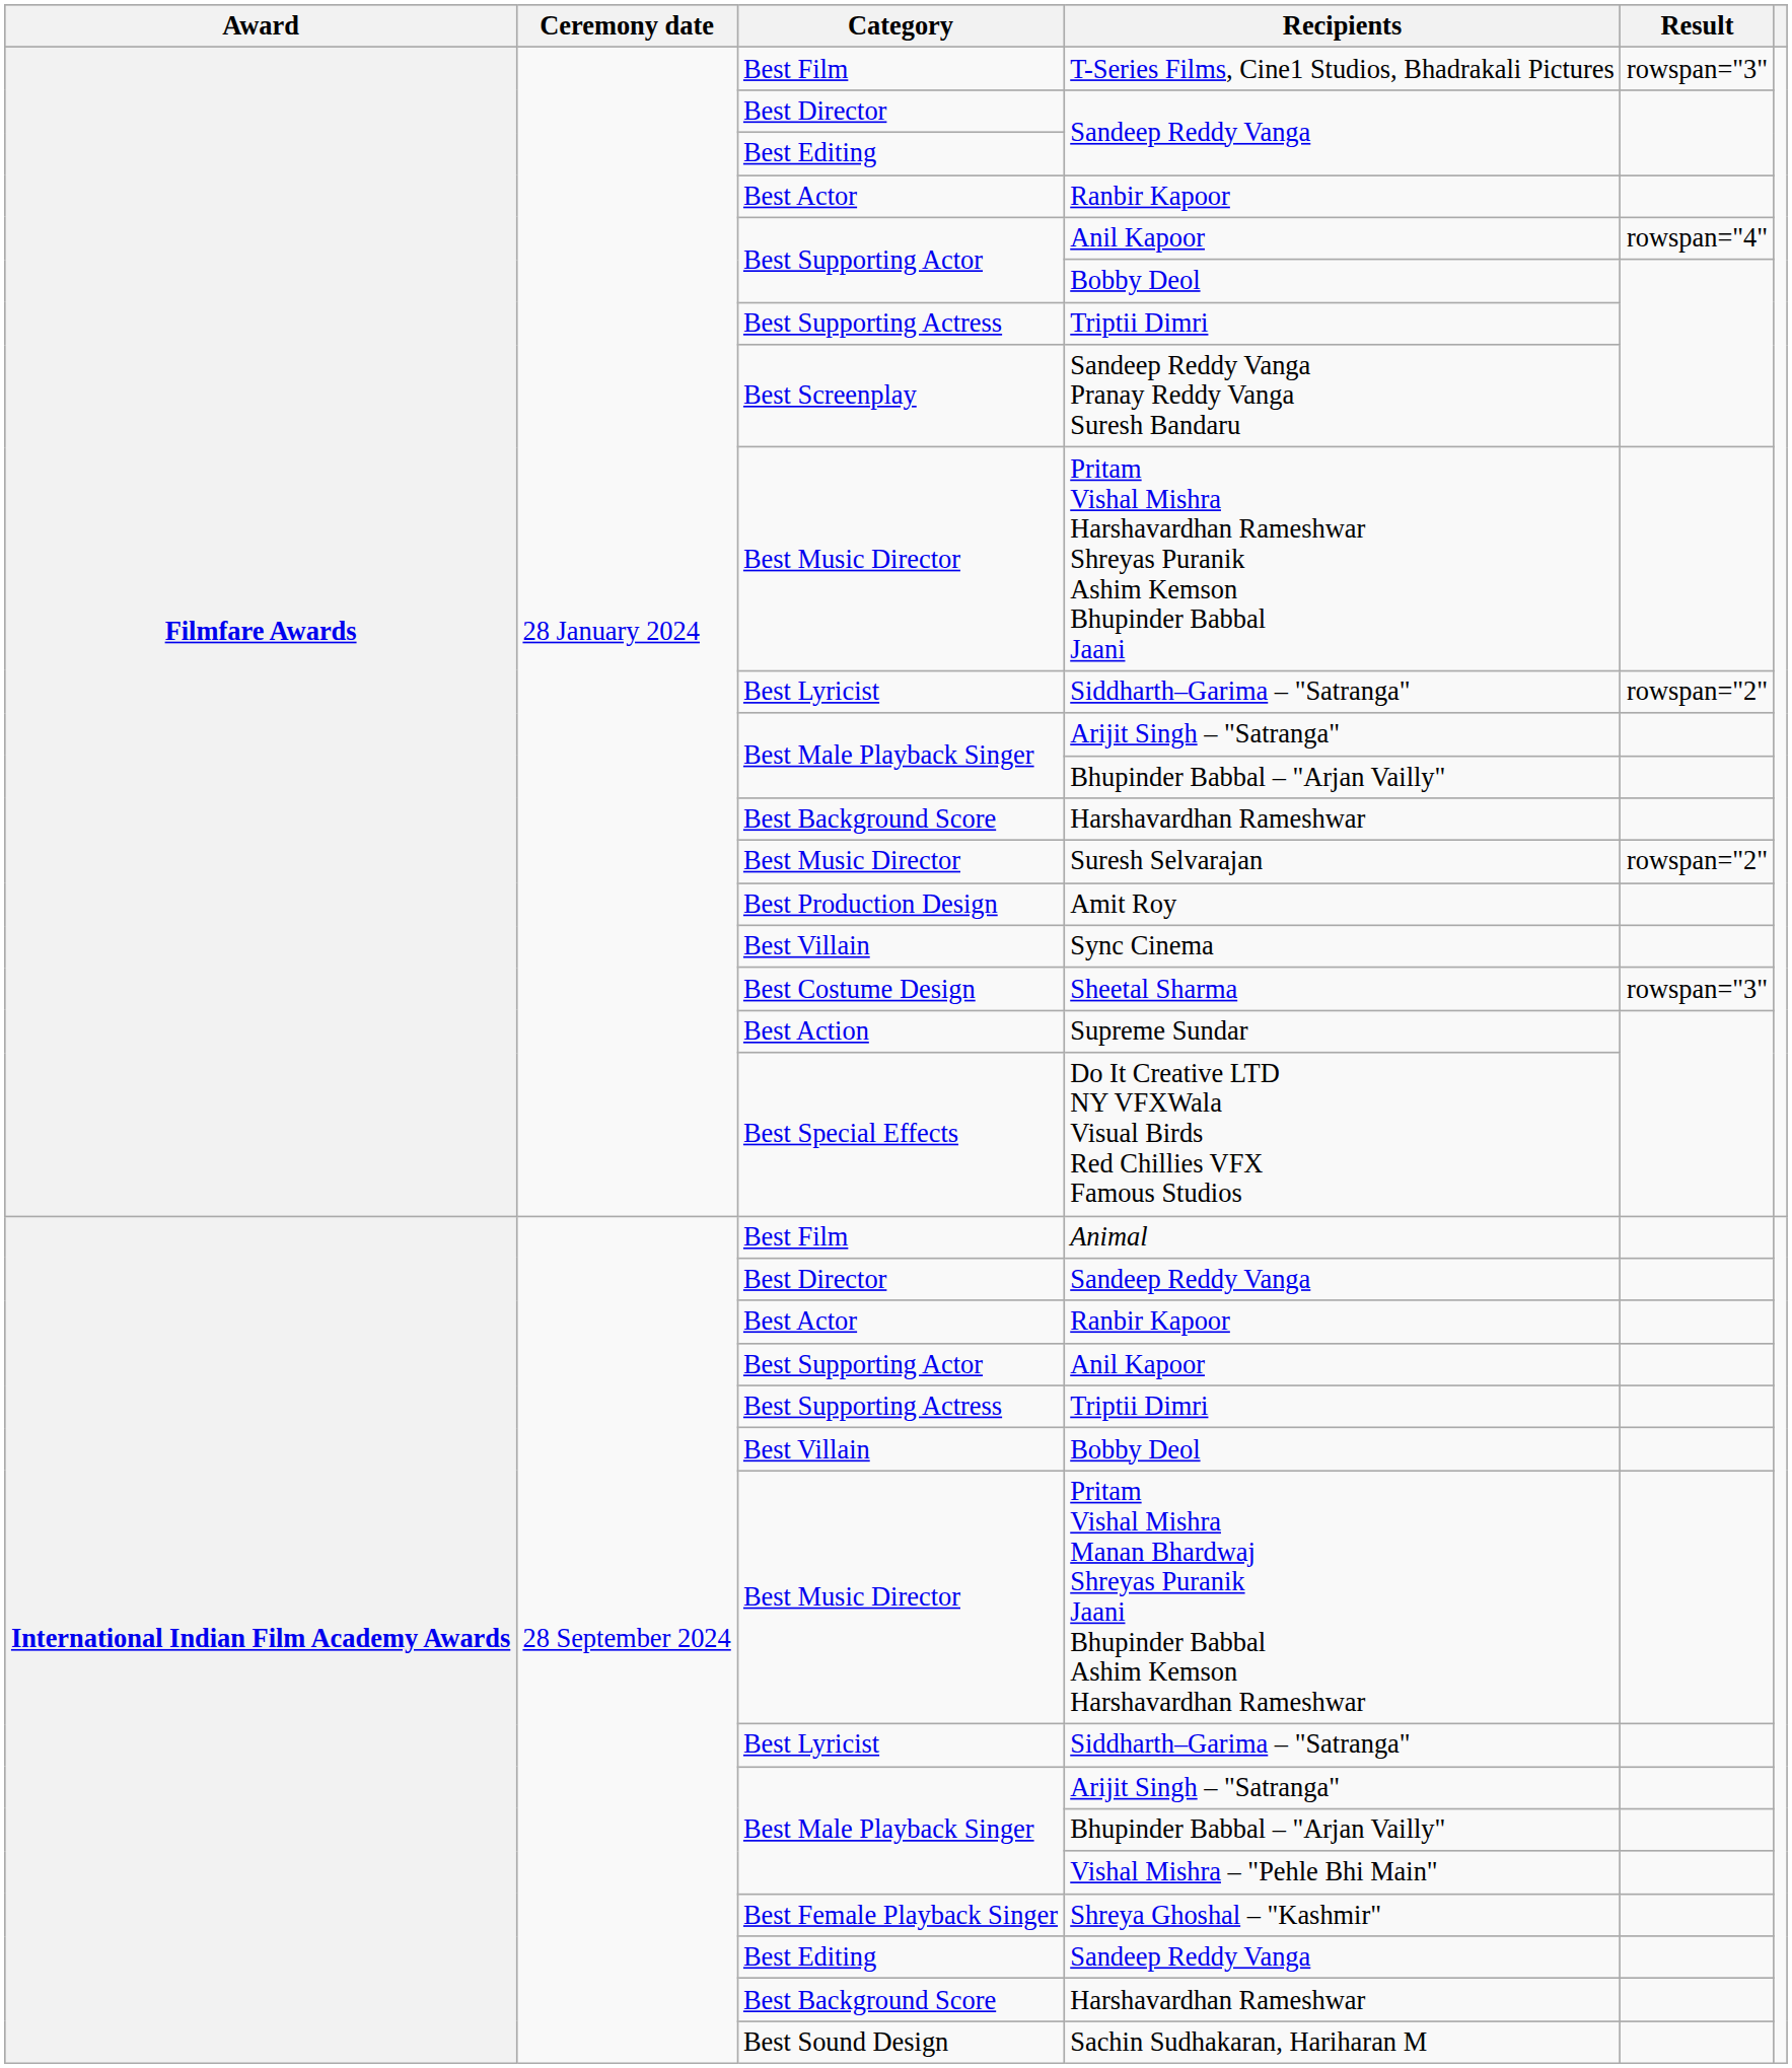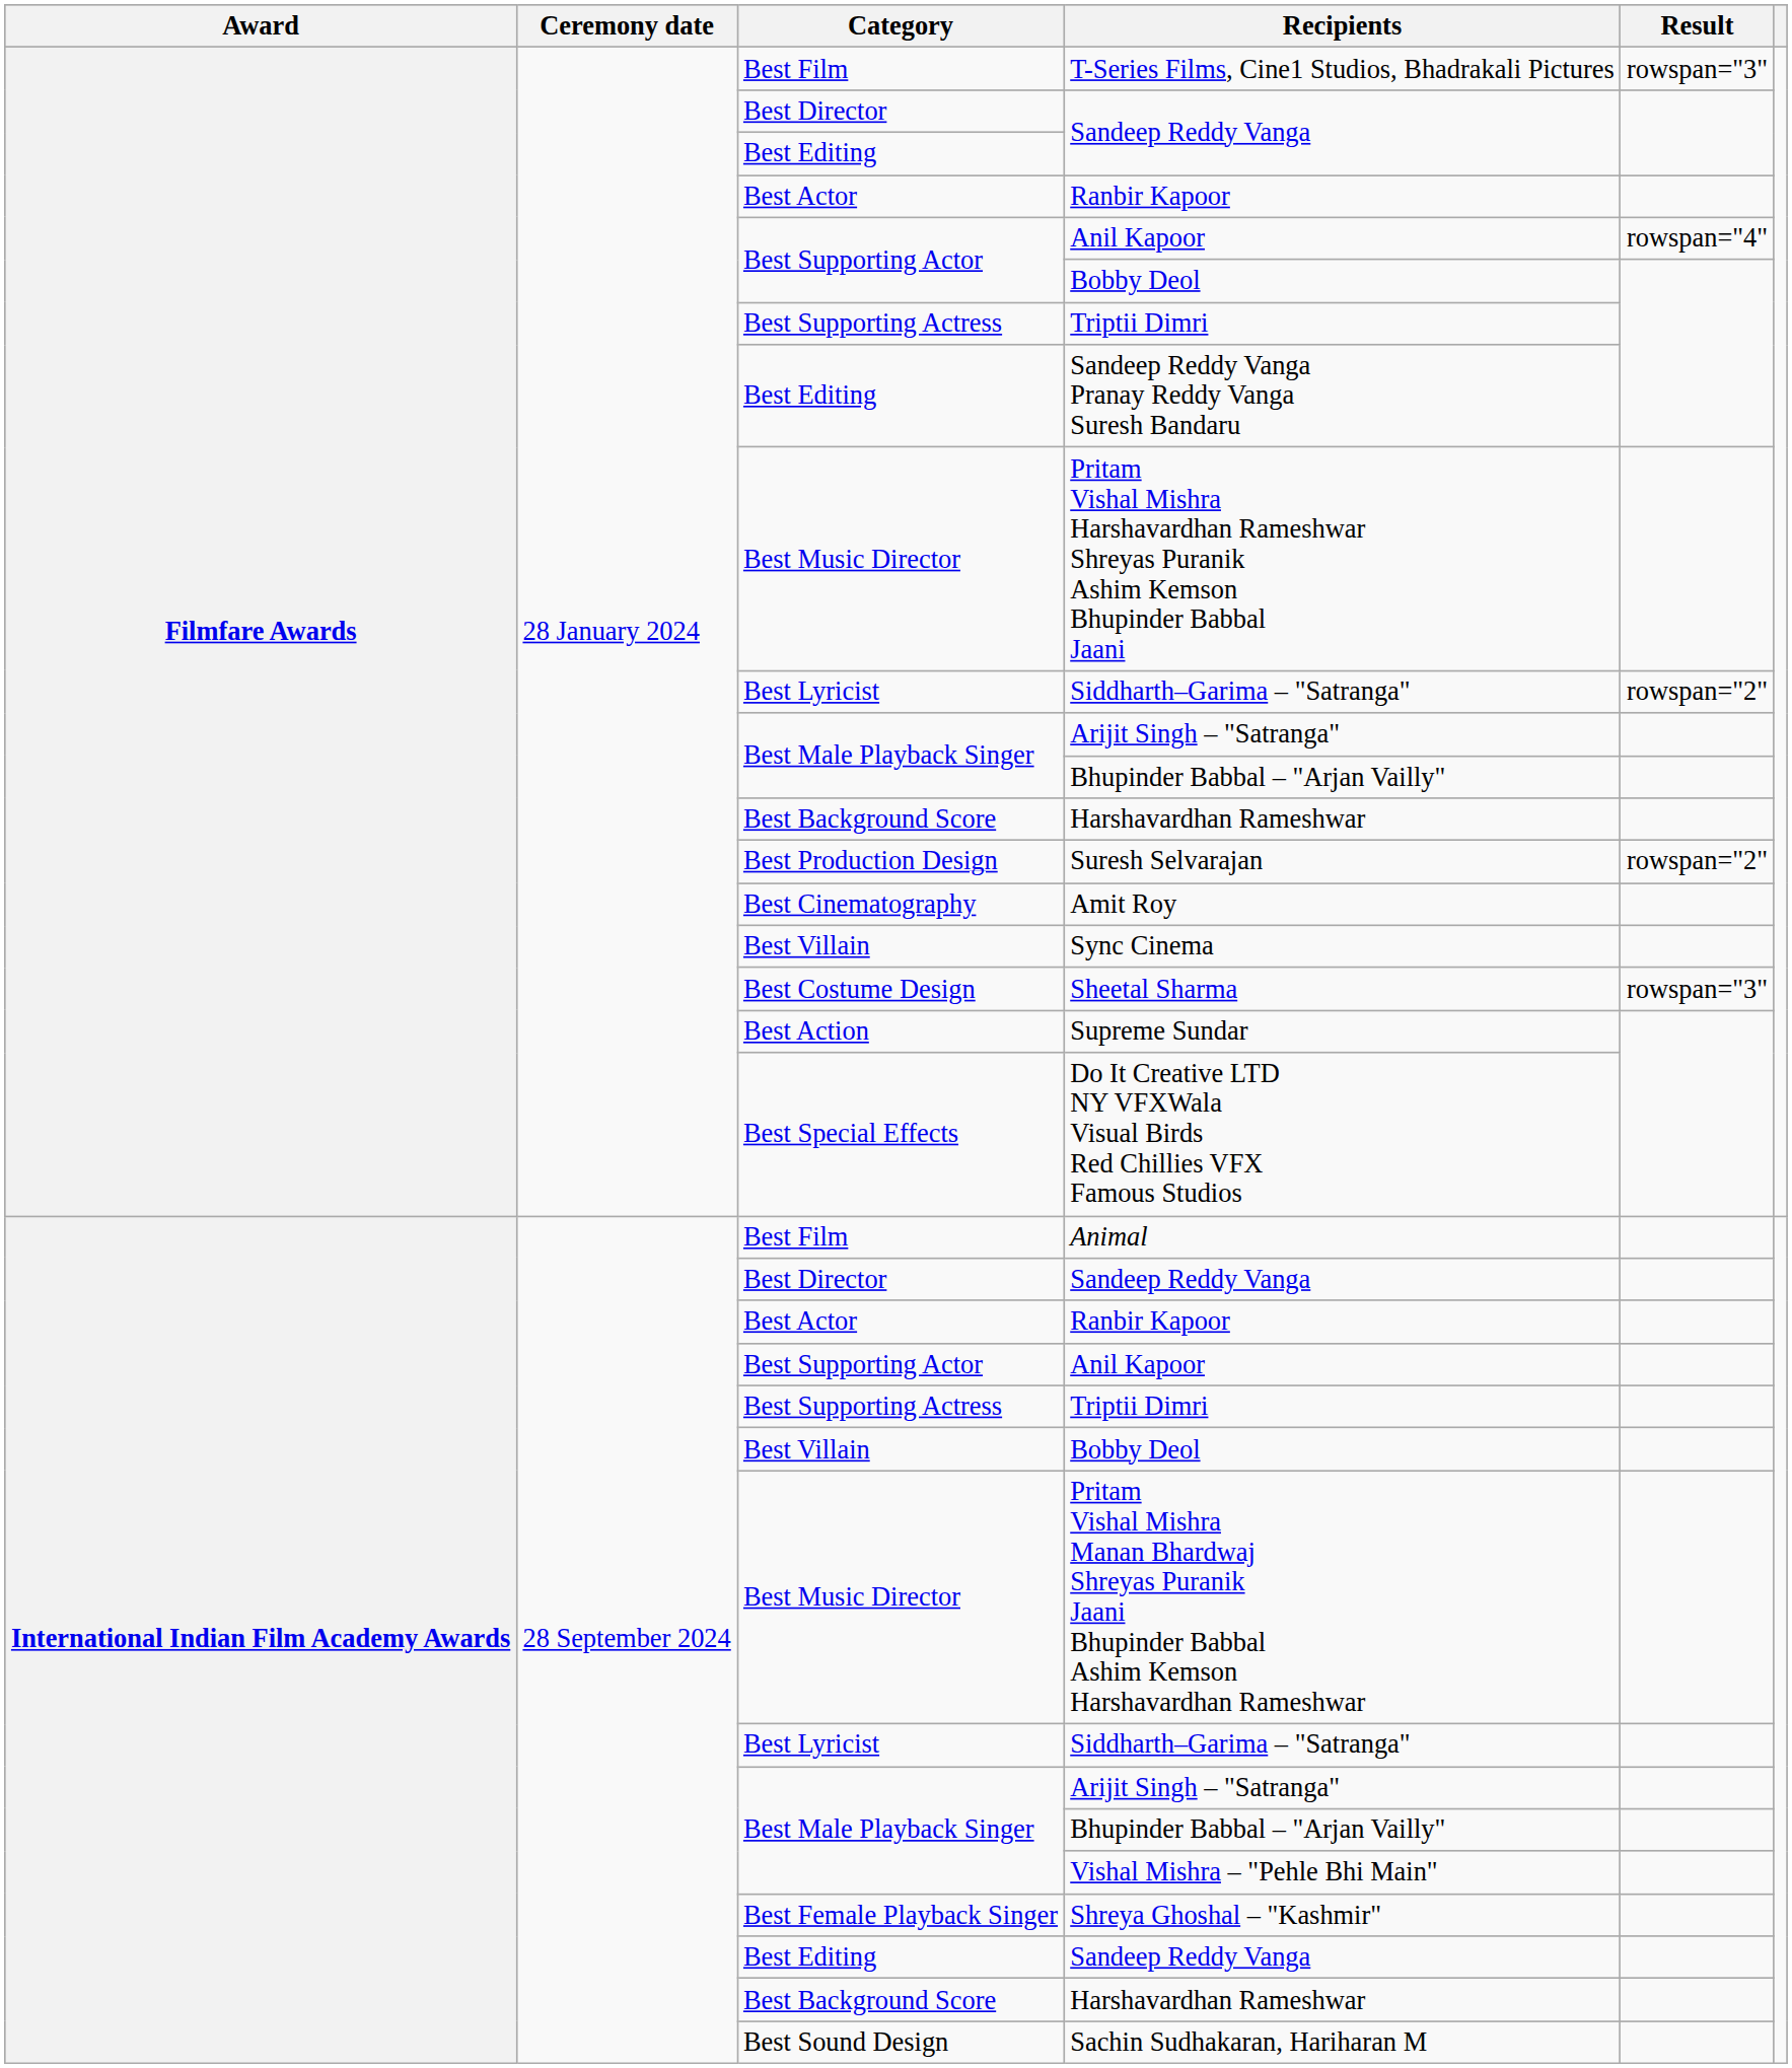 <table class="sortable wikitable">
 <tr>
 <th scope="col">Award</th>
 <th scope="col">Ceremony date</th>
 <th scope="col">Category</th>
 <th scope="col">Recipients</th>
 <th scope="col">Result</th>
 <th class="unsortable" scope="col"></th>
 </tr>
 <tr>
 <th scope="row" rowspan="19"><a href='#'>Filmfare Awards</a></th>
 <td rowspan="19"><a href='#'>28 January 2024</a></td>
 <td><a href='#'>Best Film</a></td>
 <td><a href='#'>T-Series Films</a>, Cine1 Studios, Bhadrakali Pictures</td>
 <td>rowspan="3" </td>
 <td rowspan="19"></td>
 </tr>
 <tr>
 <td><a href='#'>Best Director</a></td>
 <td rowspan="2"><a href='#'>Sandeep Reddy Vanga</a></td>
 </tr>
 <tr>
 <td><a href='#'>Best Editing</a></td>
 </tr>
 <tr>
 <td><a href='#'>Best Actor</a></td>
 <td><a href='#'>Ranbir Kapoor</a></td>
 <td></td>
 </tr>
 <tr>
 <td rowspan="2"><a href='#'>Best Supporting Actor</a></td>
 <td><a href='#'>Anil Kapoor</a></td>
 <td>rowspan="4"</td>
 </tr>
 <tr>
 <td><a href='#'>Bobby Deol</a></td>
 </tr>
 <tr>
 <td><a href='#'>Best Supporting Actress</a></td>
 <td><a href='#'>Triptii Dimri</a></td>
 </tr>
 <tr>
-<td><a href='#'>Best Screenplay</a></td>
+<td><a href='#'>Best Editing</a></td>
 <td>Sandeep Reddy Vanga<br>Pranay Reddy Vanga<br>Suresh Bandaru</td>
 </tr>
 <tr>
 <td><a href='#'>Best Music Director</a></td>
 <td><a href='#'>Pritam</a><br><a href='#'>Vishal Mishra</a><br>Harshavardhan Rameshwar<br>Shreyas Puranik<br>Ashim Kemson<br>Bhupinder Babbal<br><a href='#'>Jaani</a></td>
 <td></td>
 </tr>
 <tr>
 <td><a href='#'>Best Lyricist</a></td>
 <td><a href='#'>Siddharth–Garima</a> – "Satranga"</td>
 <td>rowspan="2"</td>
 </tr>
 <tr>
 <td rowspan="2"><a href='#'>Best Male Playback Singer</a></td>
 <td><a href='#'>Arijit Singh</a> – "Satranga"</td>
 </tr>
 <tr>
 <td>Bhupinder Babbal – "Arjan Vailly"</td>
 <td></td>
 </tr>
 <tr>
 <td><a href='#'>Best Background Score</a></td>
 <td>Harshavardhan Rameshwar</td>
 <td></td>
 </tr>
 <tr>
-<td><a href='#'>Best Music Director</a></td>
+<td><a href='#'>Best Production Design</a></td>
 <td>Suresh Selvarajan</td>
 <td>rowspan="2"</td>
 </tr>
 <tr>
-<td><a href='#'>Best Production Design</a></td>
+<td><a href='#'>Best Cinematography</a></td>
 <td>Amit Roy</td>
 </tr>
 <tr>
 <td><a href='#'>Best Villain</a></td>
 <td>Sync Cinema</td>
 <td></td>
 </tr>
 <tr>
 <td><a href='#'>Best Costume Design</a></td>
 <td><a href='#'>Sheetal Sharma</a></td>
 <td>rowspan="3"</td>
 </tr>
 <tr>
 <td><a href='#'>Best Action</a></td>
 <td>Supreme Sundar</td>
 </tr>
 <tr>
 <td><a href='#'>Best Special Effects</a></td>
 <td>Do It Creative LTD<br>NY VFXWala<br>Visual Birds<br>Red Chillies VFX<br>Famous Studios</td>
 </tr>
 <tr>
 <th rowspan="15"><a href='#'>International Indian Film Academy Awards</a></th>
 <td rowspan="15"><a href='#'>28 September 2024</a></td>
 <td><a href='#'>Best Film</a></td>
 <td><em>Animal</em></td>
 <td></td>
 <td rowspan="15"><br><br></td>
 </tr>
 <tr>
 <td><a href='#'>Best Director</a></td>
 <td><a href='#'>Sandeep Reddy Vanga</a></td>
 <td></td>
 </tr>
 <tr>
 <td><a href='#'>Best Actor</a></td>
 <td><a href='#'>Ranbir Kapoor</a></td>
 <td></td>
 </tr>
 <tr>
 <td><a href='#'>Best Supporting Actor</a></td>
 <td><a href='#'>Anil Kapoor</a></td>
 <td></td>
 </tr>
 <tr>
 <td><a href='#'>Best Supporting Actress</a></td>
 <td><a href='#'>Triptii Dimri</a></td>
 <td></td>
 </tr>
 <tr>
 <td><a href='#'>Best Villain</a></td>
 <td><a href='#'>Bobby Deol</a></td>
 <td></td>
 </tr>
 <tr>
 <td><a href='#'>Best Music Director</a></td>
 <td><a href='#'>Pritam</a><br><a href='#'>Vishal Mishra</a><br><a href='#'>Manan Bhardwaj</a><br><a href='#'>Shreyas Puranik</a><br><a href='#'>Jaani</a><br>Bhupinder Babbal<br>Ashim Kemson<br>Harshavardhan Rameshwar</td>
 <td></td>
 </tr>
 <tr>
 <td><a href='#'>Best Lyricist</a></td>
 <td><a href='#'>Siddharth–Garima</a> – "Satranga"</td>
 <td></td>
 </tr>
 <tr>
 <td rowspan="3"><a href='#'>Best Male Playback Singer</a></td>
 <td><a href='#'>Arijit Singh</a> – "Satranga"</td>
 <td></td>
 </tr>
 <tr>
 <td>Bhupinder Babbal – "Arjan Vailly"</td>
 <td></td>
 </tr>
 <tr>
 <td><a href='#'>Vishal Mishra</a> – "Pehle Bhi Main"</td>
 <td></td>
 </tr>
 <tr>
 <td><a href='#'>Best Female Playback Singer</a></td>
 <td><a href='#'>Shreya Ghoshal</a> – "Kashmir"</td>
 <td></td>
 </tr>
 <tr>
 <td><a href='#'>Best Editing</a></td>
 <td><a href='#'>Sandeep Reddy Vanga</a></td>
 <td></td>
 </tr>
 <tr>
 <td><a href='#'>Best Background Score</a></td>
 <td>Harshavardhan Rameshwar</td>
 <td></td>
 </tr>
 <tr>
 <td>Best Sound Design</td>
 <td>Sachin Sudhakaran, Hariharan M</td>
 <td></td>
 </tr>
 </table>
